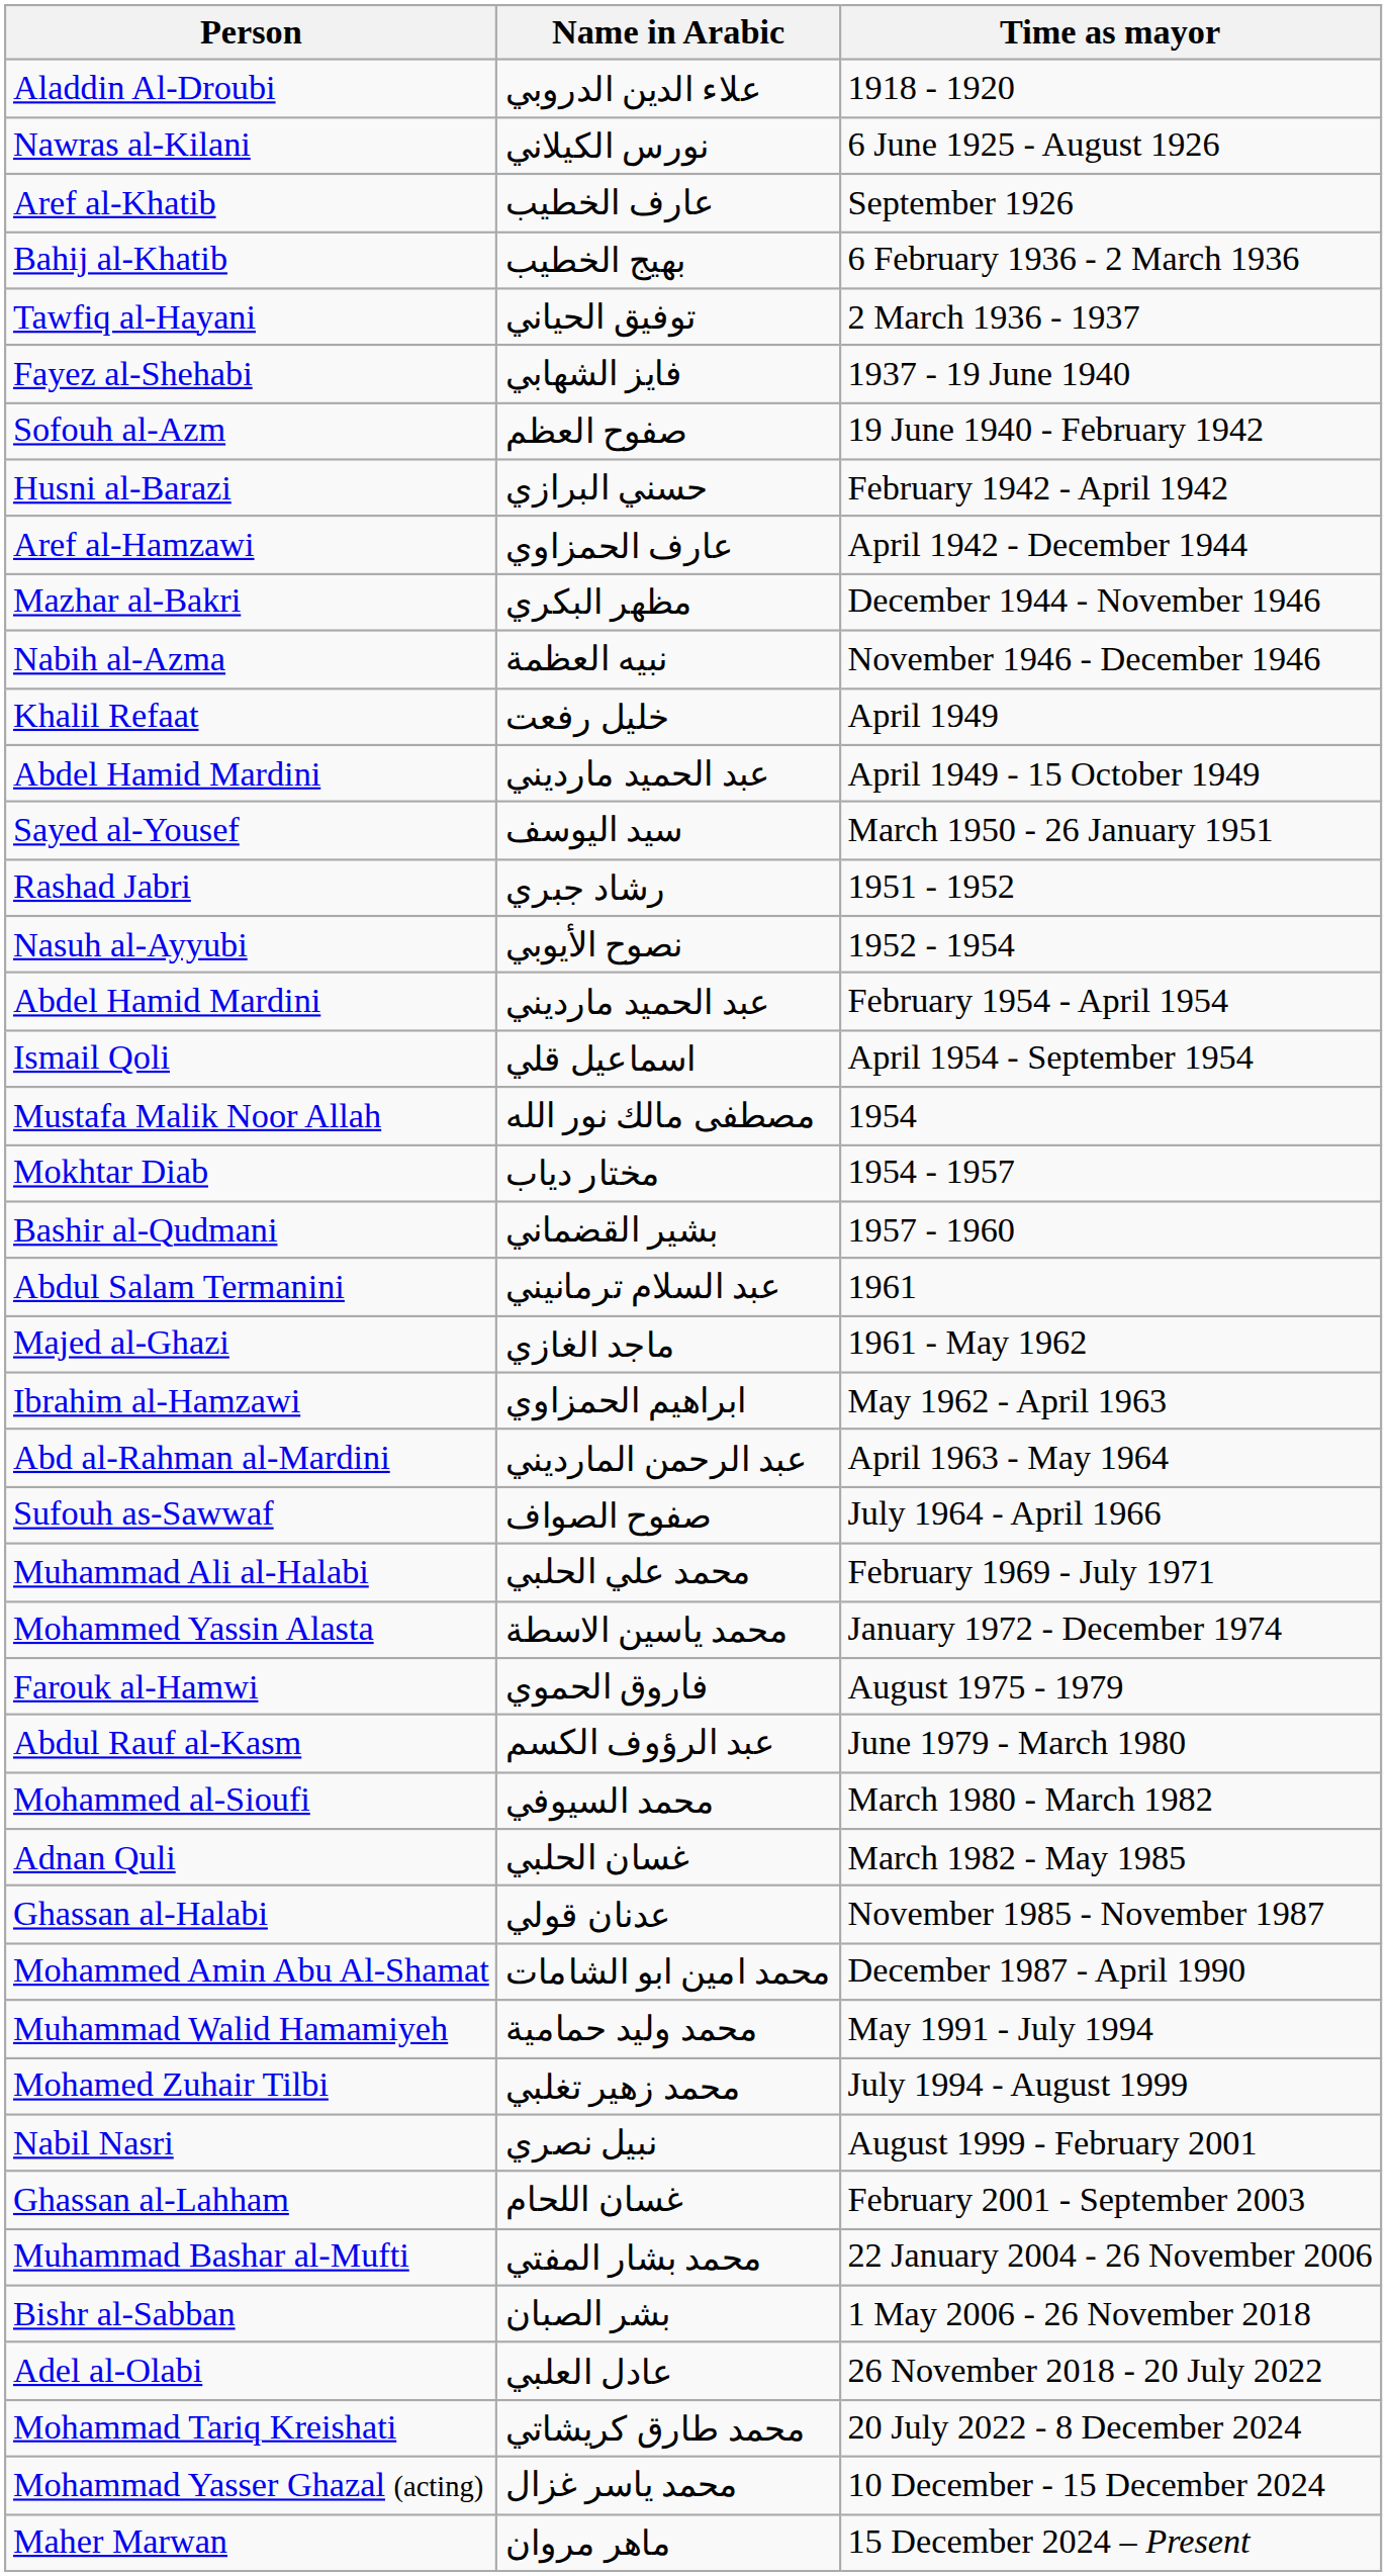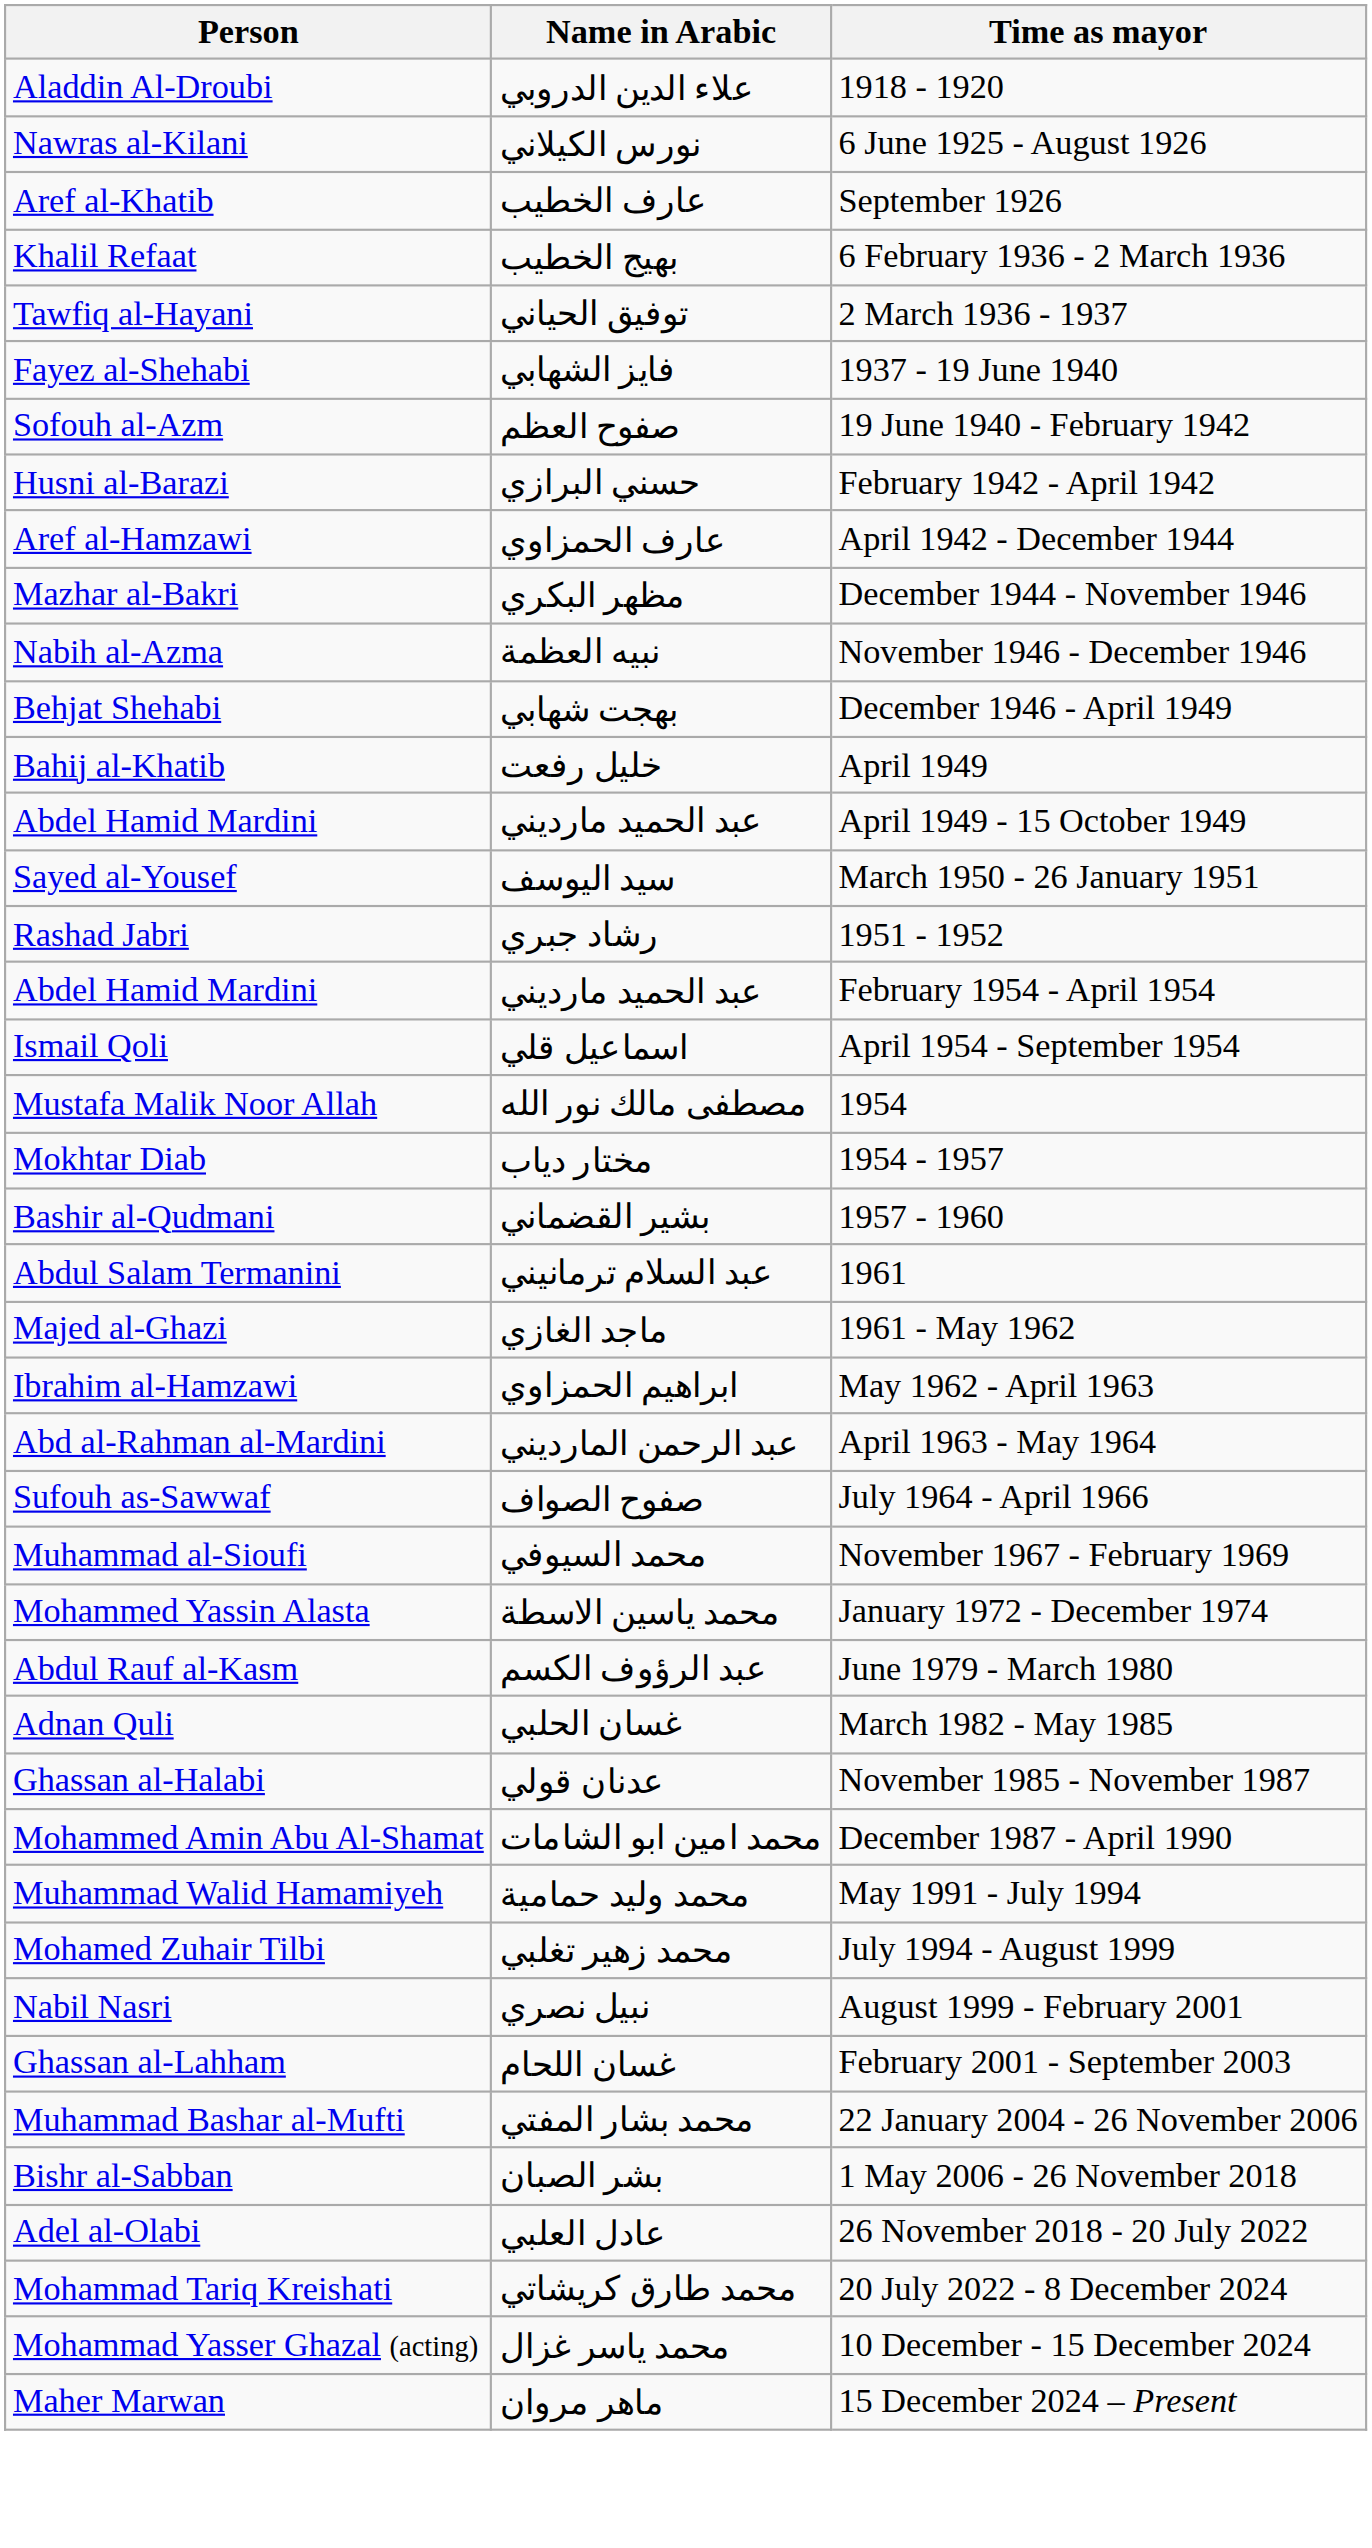 <table class="wikitable">
 <tr>
 <th>Person</th>
 <th>Name in Arabic</th>
 <th>Time as mayor</th>
 </tr>
 <tr>
 <td><a href='#'>Aladdin Al-Droubi</a></td>
 <td>علاء الدين الدروبي</td>
 <td>1918 - 1920</td>
 </tr>
 <tr>
 <td><a href='#'>Nawras al-Kilani</a></td>
 <td>نورس الكيلاني</td>
 <td>6 June 1925 - August 1926</td>
 </tr>
 <tr>
 <td><a href='#'>Aref al-Khatib</a></td>
 <td>عارف الخطيب</td>
 <td>September 1926</td>
 </tr>
 <tr>
-<td><a href='#'>Bahij al-Khatib</a></td>
+<td><a href='#'>Khalil Refaat</a></td>
 <td>بهيج الخطيب</td>
 <td>6 February 1936 - 2 March 1936</td>
 </tr>
 <tr>
 <td><a href='#'>Tawfiq al-Hayani</a></td>
 <td>توفيق الحياني</td>
 <td>2 March 1936 - 1937</td>
 </tr>
 <tr>
 <td><a href='#'>Fayez al-Shehabi</a></td>
 <td>فايز الشهابي</td>
 <td>1937 - 19 June 1940</td>
 </tr>
 <tr>
 <td><a href='#'>Sofouh al-Azm</a></td>
 <td>صفوح العظم</td>
 <td>19 June 1940 - February 1942</td>
 </tr>
 <tr>
 <td><a href='#'>Husni al-Barazi</a></td>
 <td>حسني البرازي</td>
 <td>February 1942 - April 1942</td>
 </tr>
 <tr>
 <td><a href='#'>Aref al-Hamzawi</a></td>
 <td>عارف الحمزاوي</td>
 <td>April 1942 - December 1944</td>
 </tr>
 <tr>
 <td><a href='#'>Mazhar al-Bakri</a></td>
 <td>مظهر البكري</td>
 <td>December 1944 - November 1946</td>
 </tr>
 <tr>
 <td><a href='#'>Nabih al-Azma</a></td>
 <td>نبيه العظمة</td>
 <td>November 1946 - December 1946</td>
 </tr>
 <tr>
-<td><a href='#'>Khalil Refaat</a></td>
+<td><a href='#'>Behjat Shehabi</a></td>
+<td>بهجت شهابي</td>
+<td>December 1946 - April 1949</td>
+</tr>
+<tr>
+<td><a href='#'>Bahij al-Khatib</a></td>
 <td>خليل رفعت</td>
 <td>April 1949</td>
 </tr>
 <tr>
 <td><a href='#'>Abdel Hamid Mardini</a></td>
 <td>عبد الحميد مارديني</td>
 <td>April 1949 - 15 October 1949</td>
 </tr>
 <tr>
 <td><a href='#'>Sayed al-Yousef</a></td>
 <td>سيد اليوسف</td>
 <td>March 1950 - 26 January 1951</td>
 </tr>
 <tr>
 <td><a href='#'>Rashad Jabri</a></td>
 <td>رشاد جبري</td>
 <td>1951 - 1952</td>
-</tr>
-<tr>
-<td><a href='#'>Nasuh al-Ayyubi</a></td>
-<td>نصوح الأيوبي</td>
-<td>1952 - 1954</td>
 </tr>
 <tr>
 <td><a href='#'>Abdel Hamid Mardini</a></td>
 <td>عبد الحميد مارديني</td>
 <td>February 1954 - April 1954</td>
 </tr>
 <tr>
 <td><a href='#'>Ismail Qoli</a></td>
 <td>اسماعيل قلي</td>
 <td>April 1954 - September 1954</td>
 </tr>
 <tr>
 <td><a href='#'>Mustafa Malik Noor Allah</a></td>
 <td>مصطفى مالك نور الله</td>
 <td>1954</td>
 </tr>
 <tr>
 <td><a href='#'>Mokhtar Diab</a></td>
 <td>مختار دياب</td>
 <td>1954 - 1957</td>
 </tr>
 <tr>
 <td><a href='#'>Bashir al-Qudmani</a></td>
 <td>بشير القضماني</td>
 <td>1957 - 1960</td>
 </tr>
 <tr>
 <td><a href='#'>Abdul Salam Termanini</a></td>
 <td>عبد السلام ترمانيني</td>
 <td>1961</td>
 </tr>
 <tr>
 <td><a href='#'>Majed al-Ghazi</a></td>
 <td>ماجد الغازي</td>
 <td>1961 - May 1962</td>
 </tr>
 <tr>
 <td><a href='#'>Ibrahim al-Hamzawi</a></td>
 <td>ابراهيم الحمزاوي</td>
 <td>May 1962 - April 1963</td>
 </tr>
 <tr>
 <td><a href='#'>Abd al-Rahman al-Mardini</a></td>
 <td>عبد الرحمن المارديني</td>
 <td>April 1963 - May 1964</td>
 </tr>
 <tr>
 <td><a href='#'>Sufouh as-Sawwaf</a></td>
 <td>صفوح الصواف</td>
 <td>July 1964 - April 1966</td>
 </tr>
 <tr>
-<td><a href='#'>Muhammad Ali al-Halabi</a></td>
-<td>محمد علي الحلبي</td>
-<td>February 1969 - July 1971</td>
+<td><a href='#'>Muhammad al-Sioufi</a></td>
+<td>محمد السيوفي</td>
+<td>November 1967 - February 1969</td>
 </tr>
 <tr>
 <td><a href='#'>Mohammed Yassin Alasta</a></td>
 <td>محمد ياسين الاسطة</td>
 <td>January 1972 - December 1974</td>
 </tr>
 <tr>
-<td><a href='#'>Farouk al-Hamwi</a></td>
-<td>فاروق الحموي</td>
-<td>August 1975 - 1979</td>
-</tr>
-<tr>
 <td><a href='#'>Abdul Rauf al-Kasm</a></td>
 <td>عبد الرؤوف الكسم</td>
 <td>June 1979 - March 1980</td>
-</tr>
-<tr>
-<td><a href='#'>Mohammed al-Sioufi</a></td>
-<td>محمد السيوفي</td>
-<td>March 1980 - March 1982</td>
 </tr>
 <tr>
 <td><a href='#'>Adnan Quli</a></td>
 <td>غسان الحلبي</td>
 <td>March 1982 - May 1985</td>
 </tr>
 <tr>
 <td><a href='#'>Ghassan al-Halabi</a></td>
 <td>عدنان قولي</td>
 <td>November 1985 - November 1987</td>
 </tr>
 <tr>
 <td><a href='#'>Mohammed Amin Abu Al-Shamat</a></td>
 <td>محمد امين ابو الشامات</td>
 <td>December 1987 - April 1990</td>
 </tr>
 <tr>
 <td><a href='#'>Muhammad Walid Hamamiyeh</a></td>
 <td>محمد وليد حمامية</td>
 <td>May 1991 - July 1994</td>
 </tr>
 <tr>
 <td><a href='#'>Mohamed Zuhair Tilbi</a></td>
 <td>محمد زهير تغلبي</td>
 <td>July 1994 - August 1999</td>
 </tr>
 <tr>
 <td><a href='#'>Nabil Nasri</a></td>
 <td>نبيل نصري</td>
 <td>August 1999 - February 2001</td>
 </tr>
 <tr>
 <td><a href='#'>Ghassan al-Lahham</a></td>
 <td>غسان اللحام</td>
 <td>February 2001 - September 2003</td>
 </tr>
 <tr>
 <td><a href='#'>Muhammad Bashar al-Mufti</a></td>
 <td>محمد بشار المفتي</td>
 <td>22 January 2004 - 26 November 2006</td>
 </tr>
 <tr>
 <td><a href='#'>Bishr al-Sabban</a></td>
 <td>بشر الصبان</td>
 <td>1 May 2006 - 26 November 2018</td>
 </tr>
 <tr>
 <td><a href='#'>Adel al-Olabi</a></td>
 <td>عادل العلبي</td>
 <td>26 November 2018 - 20 July 2022</td>
 </tr>
 <tr>
 <td><a href='#'>Mohammad Tariq Kreishati</a></td>
 <td>محمد طارق كريشاتي</td>
 <td>20 July 2022 - 8 December 2024</td>
 </tr>
 <tr>
 <td><a href='#'>Mohammad Yasser Ghazal</a> <small>(acting)</small></td>
 <td>‎محمد ياسر غزال</td>
 <td>10 December - 15 December 2024</td>
 </tr>
 <tr>
 <td><a href='#'>Maher Marwan</a></td>
 <td>ماهر مروان</td>
 <td>15 December 2024 – <em>Present</em></td>
 </tr>
 </table>
